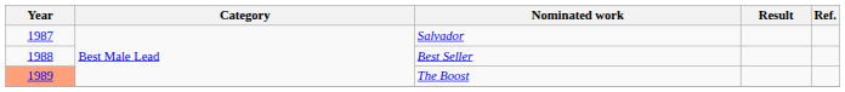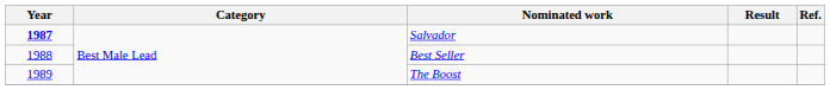 <table class=wikitable>
 <tr>
 <th scope="col" style="width:5em;">Year</th>
 <th scope="col" style="width:26em;">Category</th>
 <th scope="col" style="width:25em;">Nominated work</th>
 <th scope="col" style="width:5em;">Result</th>
 <th>Ref.</th>
 </tr>
 <tr>
-<td style="text-align:center;"><a href='#'>1987</a></td>
+<td style="text-align:center;"><strong><a href='#'>1987</a></strong></td>
 <td rowspan="3"><a href='#'>Best Male Lead</a></td>
 <td><em><a href='#'>Salvador</a></em></td>
 <td></td>
 <td style="text-align:center;"></td>
 </tr>
 <tr>
 <td style="text-align:center;"><a href='#'>1988</a></td>
 <td><em><a href='#'>Best Seller</a></em></td>
 <td></td>
 <td style="text-align:center;"></td>
 </tr>
 <tr>
-<td style="background: lightsalmon; text-align:center;"><a href='#'>1989</a></td>
+<td style="text-align:center;"><a href='#'>1989</a></td>
 <td><em><a href='#'>The Boost</a></em></td>
 <td></td>
 <td style="text-align:center;"></td>
 </tr>
 <tr>
 </tr>
 </table>
